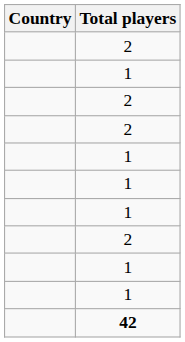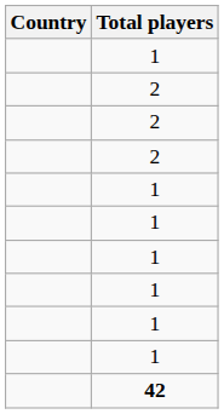 <table class="wikitable sortable" style="text-align:center">
 <tr>
 <th scope="col">Country</th>
 <th scope="col">Total players</th>
 </tr>
 <tr>
 <td align="left"></td>
-<td>2</td>
+<td>1</td>
 </tr>
 <tr>
 <td align="left"></td>
-<td>1</td>
+<td>2</td>
 </tr>
 <tr>
 <td align="left"></td>
 <td>2</td>
 </tr>
 <tr>
 <td align="left"></td>
 <td>2</td>
 </tr>
 <tr>
 <td align="left"></td>
 <td>1</td>
 </tr>
 <tr>
 <td align="left"></td>
 <td>1</td>
 </tr>
 <tr>
 <td align="left"></td>
 <td>1</td>
 </tr>
 <tr>
 <td align="left"></td>
-<td>2</td>
+<td>1</td>
 </tr>
 <tr>
 <td align="left"></td>
 <td>1</td>
 </tr>
 <tr>
 <td align="left"></td>
 <td>1</td>
 </tr>
 <tr>
 <td align="left"></td>
 <td><strong>42</strong></td>
 </tr>
 </table>
